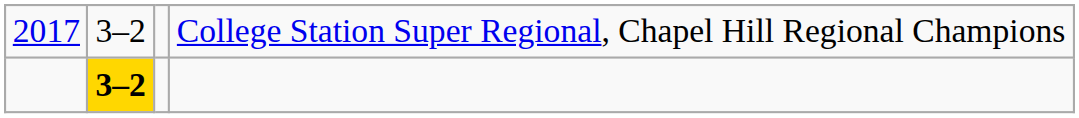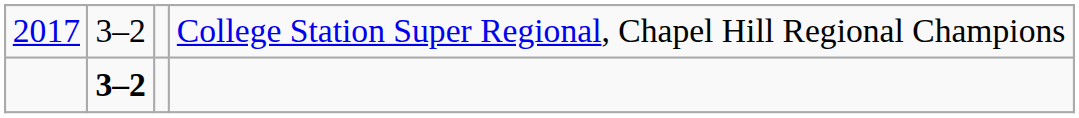 <table class="wikitable">
 <tr>
 <td><a href='#'>2017</a></td>
 <td>3–2</td>
 <td></td>
 <td><a href='#'>College Station Super Regional</a>, Chapel Hill Regional Champions</td>
 </tr>
 <tr>
 <td></td>
-<td style="background: gold;"><strong>3–2</strong></td>
+<td><strong>3–2</strong></td>
 <td><strong></strong></td>
 <td></td>
 </tr>
 </table>
